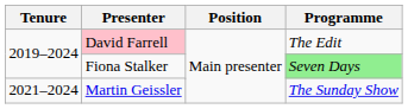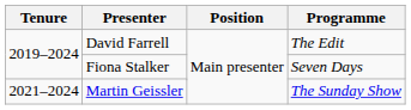 <table class="wikitable">
 <tr>
 <th>Tenure</th>
 <th>Presenter</th>
 <th>Position</th>
 <th>Programme</th>
 </tr>
 <tr>
 <td rowspan="2">2019–2024</td>
-<td style="background: pink;">David Farrell</td>
+<td>David Farrell</td>
 <td rowspan="4">Main presenter</td>
 <td><em>The Edit</em></td>
 </tr>
 <tr>
 <td rowspan="2">Fiona Stalker</td>
-<td style="background: lightgreen;"><em>Seven Days</em></td>
+<td><em>Seven Days</em></td>
 </tr>
 <tr>
 <td rowspan="2">2021–2024</td>
 <td rowspan="2"><em><a href='#'>The Sunday Show</a></em></td>
 </tr>
 <tr>
 <td><a href='#'>Martin Geissler</a></td>
 </tr>
 </table>
